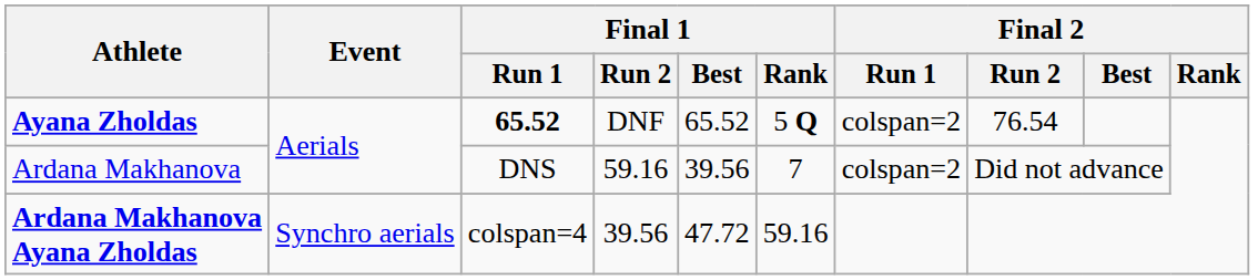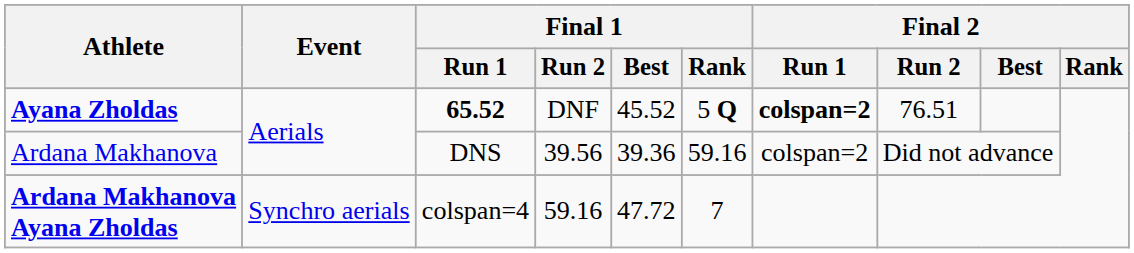 <table class=wikitable style=font-size:90%;text-align:center>
 <tr>
 <th rowspan=2>Athlete</th>
 <th rowspan=2>Event</th>
 <th colspan=4>Final 1</th>
 <th colspan=4>Final 2</th>
 </tr>
 <tr style="font-size:95%">
 <th>Run 1</th>
 <th>Run 2</th>
 <th>Best</th>
 <th>Rank</th>
 <th>Run 1</th>
 <th>Run 2</th>
 <th>Best</th>
 <th>Rank</th>
 </tr>
 <tr align=center>
 <td align=left><strong><a href='#'>Ayana Zholdas</a></strong></td>
 <td align=left rowspan=2><a href='#'>Aerials</a></td>
 <td><strong>65.52</strong></td>
 <td>DNF</td>
-<td>65.52</td>
+<td>45.52</td>
 <td>5 <strong>Q</strong></td>
-<td>colspan=2 </td>
-<td>76.54</td>
+<td><strong>colspan=2 </strong></td>
+<td>76.51</td>
 <td></td>
 </tr>
 <tr align=center>
 <td align=left><a href='#'>Ardana Makhanova</a></td>
 <td>DNS</td>
+<td>39.56</td>
+<td>39.36</td>
 <td>59.16</td>
-<td>39.56</td>
-<td>7</td>
 <td>colspan=2 </td>
 <td colspan=2>Did not advance</td>
 </tr>
 <tr align=center>
 <td align=left><strong><a href='#'>Ardana Makhanova</a><br><a href='#'>Ayana Zholdas</a></strong></td>
 <td align=left><a href='#'>Synchro aerials</a></td>
 <td>colspan=4 </td>
-<td>39.56</td>
+<td>59.16</td>
 <td>47.72</td>
-<td>59.16</td>
+<td>7</td>
 <td></td>
 </tr>
 </table>
